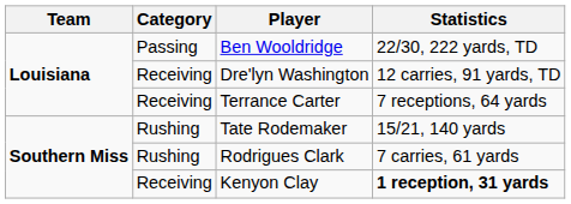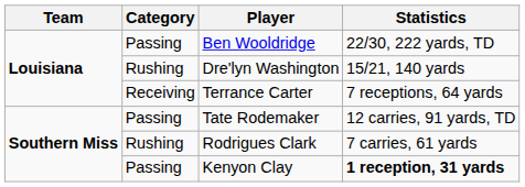 <table class="wikitable" style="float: right;">
 <tr>
 <th>Team</th>
 <th>Category</th>
 <th>Player</th>
 <th>Statistics</th>
 </tr>
 <tr>
 <td rowspan=3><strong>Louisiana</strong></td>
 <td>Passing</td>
 <td><a href='#'>Ben Wooldridge</a></td>
 <td>22/30, 222 yards, TD</td>
 </tr>
 <tr>
-<td>Receiving</td>
+<td>Rushing</td>
 <td>Dre'lyn Washington</td>
-<td>12 carries, 91 yards, TD</td>
+<td>15/21, 140 yards</td>
 </tr>
 <tr>
 <td>Receiving</td>
 <td>Terrance Carter</td>
 <td>7 receptions, 64 yards</td>
 </tr>
 <tr>
 <td rowspan=3><strong>Southern Miss</strong></td>
-<td>Rushing</td>
+<td>Passing</td>
 <td>Tate Rodemaker</td>
-<td>15/21, 140 yards</td>
+<td>12 carries, 91 yards, TD</td>
 </tr>
 <tr>
 <td>Rushing</td>
 <td>Rodrigues Clark</td>
 <td>7 carries, 61 yards</td>
 </tr>
 <tr>
-<td>Receiving</td>
+<td>Passing</td>
 <td>Kenyon Clay</td>
 <td><strong>1 reception, 31 yards</strong></td>
 </tr>
 </table>
